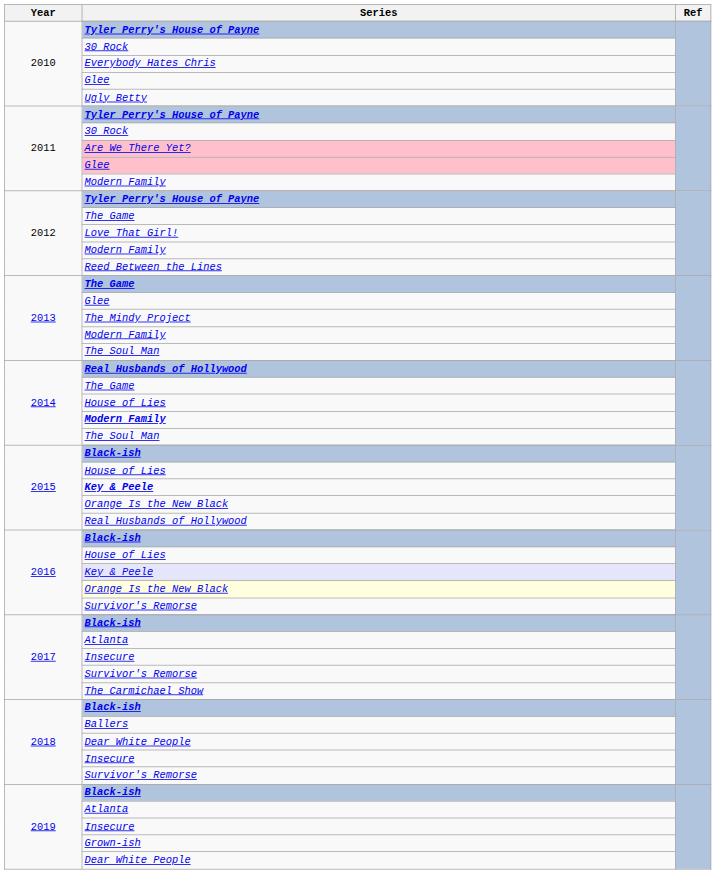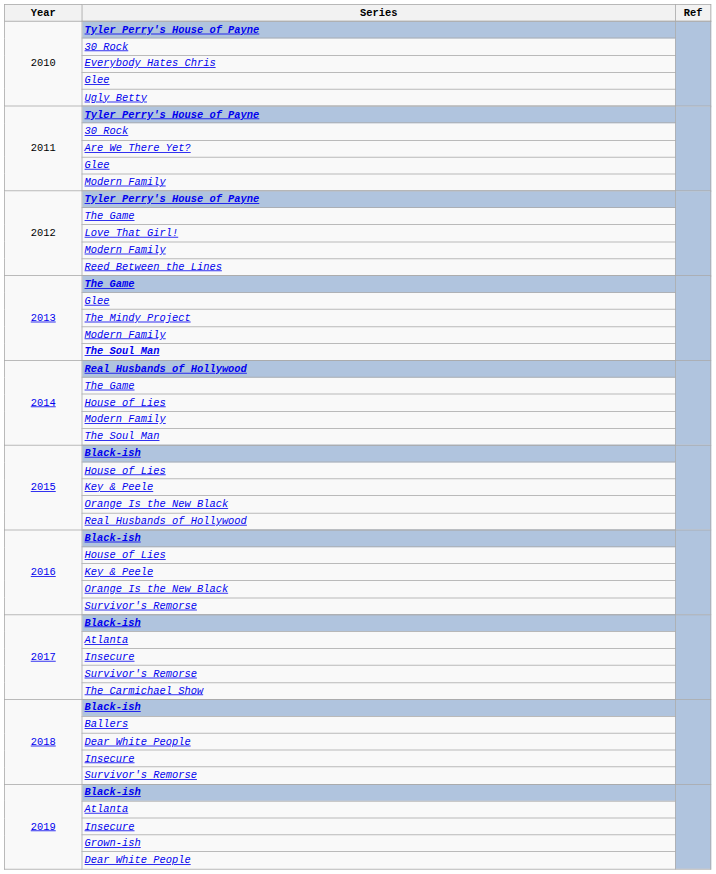 <table class="wikitable" style="width:100%;">
 <tr style="background:#bebebe;">
 <th style="width:11%;">Year</th>
 <th style="width:84%;">Series</th>
 <th style="width:5%;">Ref</th>
 </tr>
 <tr>
 <td rowspan="6" align="center">2010</td>
 </tr>
 <tr style="background:#B0C4DE">
 <td><strong><em><a href='#'>Tyler Perry's House of Payne</a></em></strong></td>
 <td rowspan="6" align="center"></td>
 </tr>
 <tr>
 <td><em><a href='#'>30 Rock</a></em></td>
 </tr>
 <tr>
 <td><em><a href='#'>Everybody Hates Chris</a></em></td>
 </tr>
 <tr>
 <td><em><a href='#'>Glee</a></em></td>
 </tr>
 <tr>
 <td><em><a href='#'>Ugly Betty</a></em></td>
 </tr>
 <tr>
 <td rowspan="6" align="center">2011</td>
 </tr>
 <tr style="background:#B0C4DE">
 <td><strong><em><a href='#'>Tyler Perry's House of Payne</a></em></strong></td>
 <td rowspan="6" align="center"></td>
 </tr>
 <tr>
 <td><em><a href='#'>30 Rock</a></em></td>
 </tr>
 <tr>
-<td style="background: pink;"><em><a href='#'>Are We There Yet?</a></em></td>
+<td><em><a href='#'>Are We There Yet?</a></em></td>
 </tr>
 <tr>
-<td style="background: pink;"><em><a href='#'>Glee</a></em></td>
+<td><em><a href='#'>Glee</a></em></td>
 </tr>
 <tr>
 <td><em><a href='#'>Modern Family</a></em></td>
 </tr>
 <tr>
 <td rowspan="6" align="center">2012</td>
 </tr>
 <tr style="background:#B0C4DE">
 <td><strong><em><a href='#'>Tyler Perry's House of Payne</a></em></strong></td>
 <td rowspan="6" align="center"></td>
 </tr>
 <tr>
 <td><em><a href='#'>The Game</a></em></td>
 </tr>
 <tr>
 <td><em><a href='#'>Love That Girl!</a></em></td>
 </tr>
 <tr>
 <td><em><a href='#'>Modern Family</a></em></td>
 </tr>
 <tr>
 <td><em><a href='#'>Reed Between the Lines</a></em></td>
 </tr>
 <tr>
 <td rowspan="6" align="center"><a href='#'>2013</a></td>
 </tr>
 <tr style="background:#B0C4DE">
 <td><strong><em><a href='#'>The Game</a></em></strong></td>
 <td rowspan="6" align="center"></td>
 </tr>
 <tr>
 <td><em><a href='#'>Glee</a></em></td>
 </tr>
 <tr>
 <td><em><a href='#'>The Mindy Project</a></em></td>
 </tr>
 <tr>
 <td><em><a href='#'>Modern Family</a></em></td>
 </tr>
 <tr>
-<td><em><a href='#'>The Soul Man</a></em></td>
+<td><strong><em><a href='#'>The Soul Man</a></em></strong></td>
 </tr>
 <tr>
 <td rowspan="6" align="center"><a href='#'>2014</a></td>
 </tr>
 <tr style="background:#B0C4DE">
 <td><strong><em><a href='#'>Real Husbands of Hollywood</a></em></strong></td>
 <td rowspan="6" align="center"></td>
 </tr>
 <tr>
 <td><em><a href='#'>The Game</a></em></td>
 </tr>
 <tr>
 <td><em><a href='#'>House of Lies</a></em></td>
 </tr>
 <tr>
-<td><strong><em><a href='#'>Modern Family</a></em></strong></td>
+<td><em><a href='#'>Modern Family</a></em></td>
 </tr>
 <tr>
 <td><em><a href='#'>The Soul Man</a></em></td>
 </tr>
 <tr>
 <td rowspan="6" align="center"><a href='#'>2015</a></td>
 </tr>
 <tr style="background:#B0C4DE">
 <td><strong><em><a href='#'>Black-ish</a></em></strong></td>
 <td rowspan="6" align="center"></td>
 </tr>
 <tr>
 <td><em><a href='#'>House of Lies</a></em></td>
 </tr>
 <tr>
-<td><strong><em><a href='#'>Key & Peele</a></em></strong></td>
+<td><em><a href='#'>Key & Peele</a></em></td>
 </tr>
 <tr>
 <td><em><a href='#'>Orange Is the New Black</a></em></td>
 </tr>
 <tr>
 <td><em><a href='#'>Real Husbands of Hollywood</a></em></td>
 </tr>
 <tr>
 <td rowspan="6" align="center"><a href='#'>2016</a></td>
 </tr>
 <tr style="background:#B0C4DE">
 <td><strong><em><a href='#'>Black-ish</a></em></strong></td>
 <td rowspan="6" align="center"></td>
 </tr>
 <tr>
 <td><em><a href='#'>House of Lies</a></em></td>
 </tr>
 <tr>
-<td style="background: lavender;"><em><a href='#'>Key & Peele</a></em></td>
+<td><em><a href='#'>Key & Peele</a></em></td>
 </tr>
 <tr>
-<td style="background: lightyellow;"><em><a href='#'>Orange Is the New Black</a></em></td>
+<td><em><a href='#'>Orange Is the New Black</a></em></td>
 </tr>
 <tr>
 <td><em><a href='#'>Survivor's Remorse</a></em></td>
 </tr>
 <tr>
 <td rowspan="6" align="center"><a href='#'>2017</a></td>
 </tr>
 <tr style="background:#B0C4DE">
 <td><strong><em><a href='#'>Black-ish</a></em></strong></td>
 <td rowspan="6" align="center"></td>
 </tr>
 <tr>
 <td><em><a href='#'>Atlanta</a></em></td>
 </tr>
 <tr>
 <td><em><a href='#'>Insecure</a></em></td>
 </tr>
 <tr>
 <td><em><a href='#'>Survivor's Remorse</a></em></td>
 </tr>
 <tr>
 <td><em><a href='#'>The Carmichael Show</a></em></td>
 </tr>
 <tr>
 <td rowspan="6" align="center"><a href='#'>2018</a></td>
 </tr>
 <tr style="background:#B0C4DE">
 <td><strong><em><a href='#'>Black-ish</a></em></strong></td>
 <td rowspan="6" align="center"></td>
 </tr>
 <tr>
 <td><em><a href='#'>Ballers</a></em></td>
 </tr>
 <tr>
 <td><em><a href='#'>Dear White People</a></em></td>
 </tr>
 <tr>
 <td><em><a href='#'>Insecure</a></em></td>
 </tr>
 <tr>
 <td><em><a href='#'>Survivor's Remorse</a></em></td>
 </tr>
 <tr>
 <td rowspan="6" align="center"><a href='#'>2019</a></td>
 </tr>
 <tr style="background:#B0C4DE">
 <td><strong><em><a href='#'>Black-ish</a></em></strong></td>
 <td rowspan="6" align="center"></td>
 </tr>
 <tr>
 <td><em><a href='#'>Atlanta</a></em></td>
 </tr>
 <tr>
 <td><em><a href='#'>Insecure</a></em></td>
 </tr>
 <tr>
 <td><em><a href='#'>Grown-ish</a></em></td>
 </tr>
 <tr>
 <td><em><a href='#'>Dear White People</a></em></td>
 </tr>
 </table>
